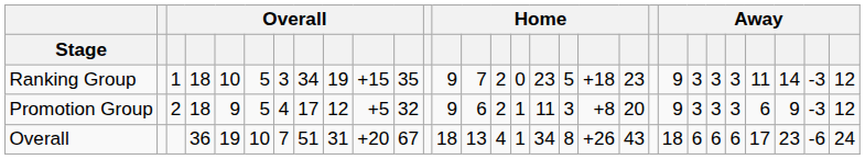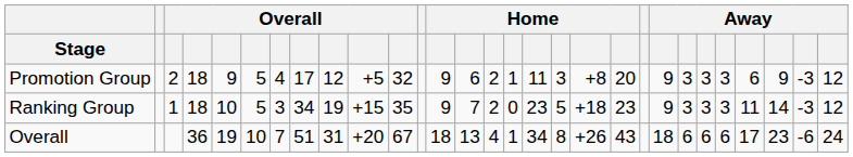 <table class="wikitable" style="text-align: right;">
 <tr>
 <th rawspan=2></th>
 <th rawspan=2></th>
 <th colspan=9>Overall</th>
 <th rawspan=1></th>
 <th colspan=8>Home</th>
 <th rawspan=1></th>
 <th colspan=8>Away</th>
 </tr>
 <tr>
 <th>Stage</th>
 <th></th>
 <th></th>
 <th></th>
 <th></th>
 <th></th>
 <th></th>
 <th></th>
 <th></th>
 <th></th>
 <th></th>
 <th></th>
 <th></th>
 <th></th>
 <th></th>
 <th></th>
 <th></th>
 <th></th>
 <th></th>
 <th></th>
 <th></th>
 <th></th>
 <th></th>
 <th></th>
 <th></th>
 <th></th>
 <th></th>
 <th></th>
 <th></th>
 </tr>
 <tr>
+<td align="left">Promotion Group</td>
+<td></td>
+<td>2</td>
+<td>18</td>
+<td>9</td>
+<td>5</td>
+<td>4</td>
+<td>17</td>
+<td>12</td>
+<td>+5</td>
+<td>32</td>
+<td></td>
+<td>9</td>
+<td>6</td>
+<td>2</td>
+<td>1</td>
+<td>11</td>
+<td>3</td>
+<td>+8</td>
+<td>20</td>
+<td></td>
+<td>9</td>
+<td>3</td>
+<td>3</td>
+<td>3</td>
+<td>6</td>
+<td>9</td>
+<td>-3</td>
+<td>12</td>
+</tr>
+<tr>
 <td align="left">Ranking Group</td>
 <td></td>
 <td>1</td>
 <td>18</td>
 <td>10</td>
 <td>5</td>
 <td>3</td>
 <td>34</td>
 <td>19</td>
 <td>+15</td>
 <td>35</td>
 <td></td>
 <td>9</td>
 <td>7</td>
 <td>2</td>
 <td>0</td>
 <td>23</td>
 <td>5</td>
 <td>+18</td>
 <td>23</td>
 <td></td>
 <td>9</td>
 <td>3</td>
 <td>3</td>
 <td>3</td>
 <td>11</td>
 <td>14</td>
-<td>-3</td>
-<td>12</td>
-</tr>
-<tr>
-<td align="left">Promotion Group</td>
-<td></td>
-<td>2</td>
-<td>18</td>
-<td>9</td>
-<td>5</td>
-<td>4</td>
-<td>17</td>
-<td>12</td>
-<td>+5</td>
-<td>32</td>
-<td></td>
-<td>9</td>
-<td>6</td>
-<td>2</td>
-<td>1</td>
-<td>11</td>
-<td>3</td>
-<td>+8</td>
-<td>20</td>
-<td></td>
-<td>9</td>
-<td>3</td>
-<td>3</td>
-<td>3</td>
-<td>6</td>
-<td>9</td>
 <td>-3</td>
 <td>12</td>
 </tr>
 <tr>
 <td align="left">Overall</td>
 <td></td>
 <td></td>
 <td>36</td>
 <td>19</td>
 <td>10</td>
 <td>7</td>
 <td>51</td>
 <td>31</td>
 <td>+20</td>
 <td>67</td>
 <td></td>
 <td>18</td>
 <td>13</td>
 <td>4</td>
 <td>1</td>
 <td>34</td>
 <td>8</td>
 <td>+26</td>
 <td>43</td>
 <td></td>
 <td>18</td>
 <td>6</td>
 <td>6</td>
 <td>6</td>
 <td>17</td>
 <td>23</td>
 <td>-6</td>
 <td>24</td>
 </tr>
 </table>
